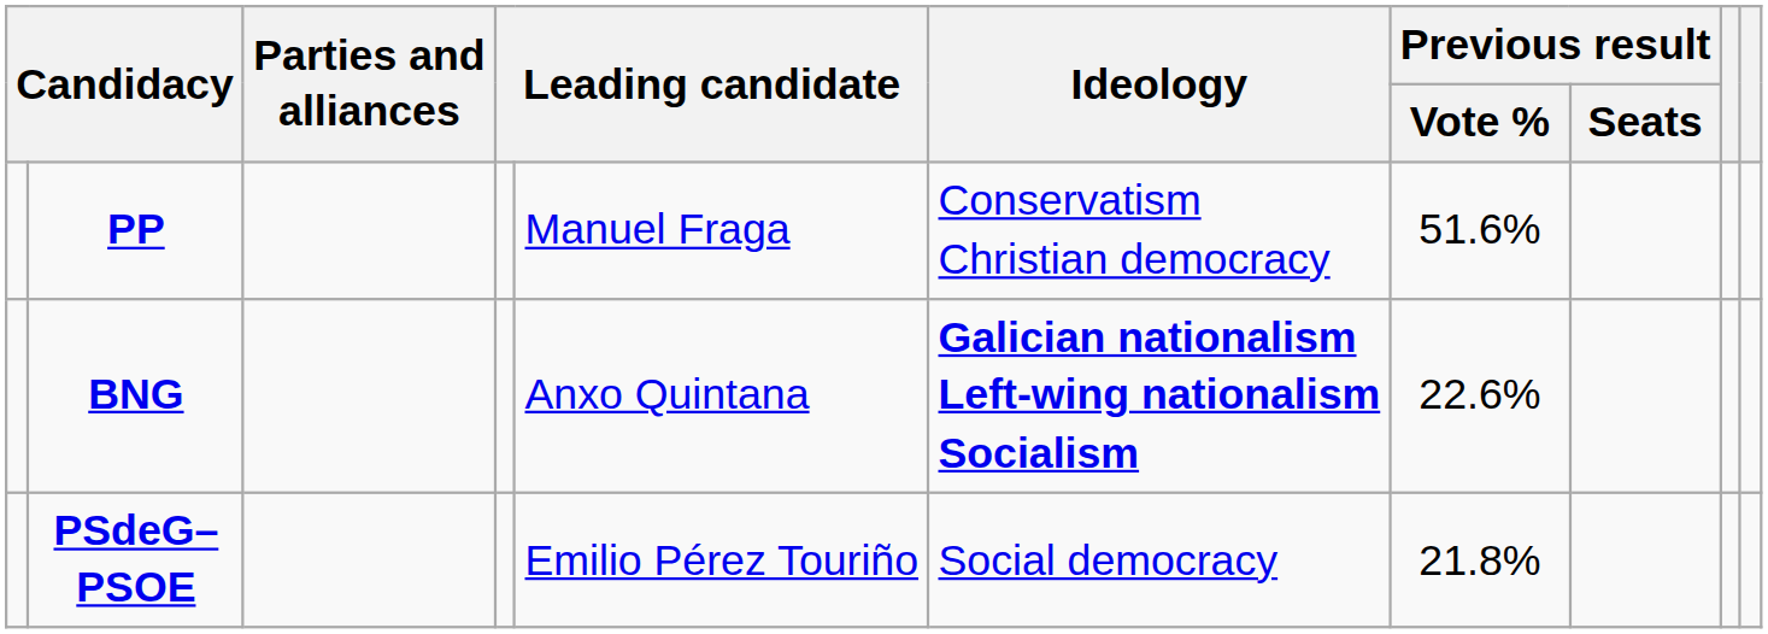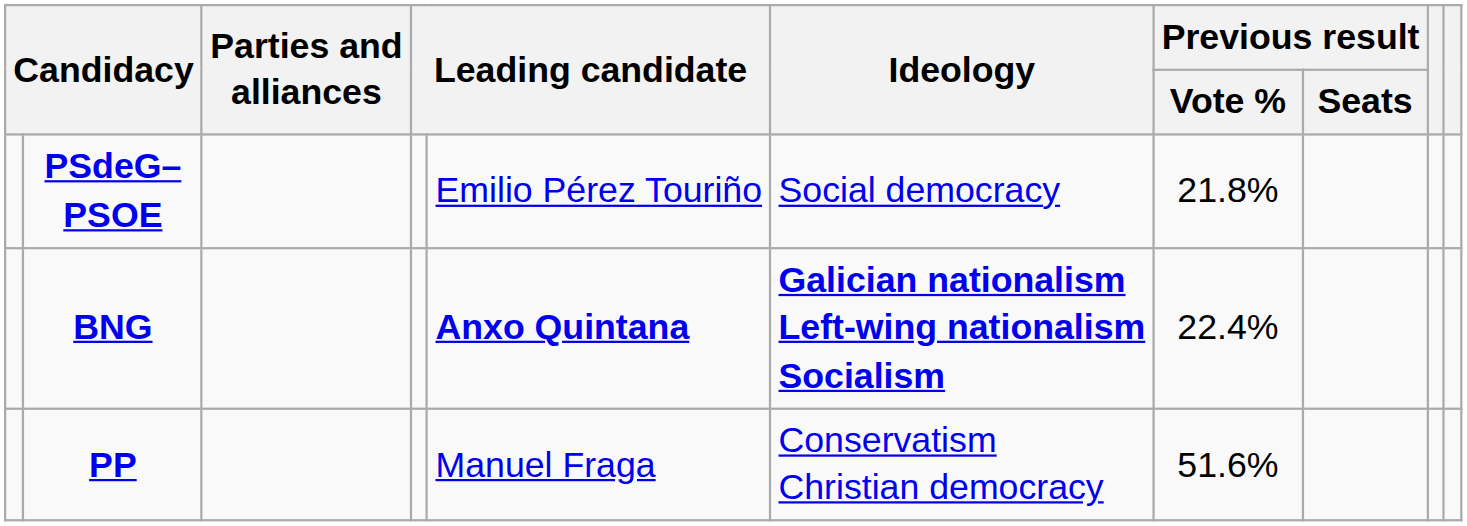 <table class="wikitable" style="line-height:1.35em; text-align:left;">
 <tr>
 <th colspan="2" rowspan="2">Candidacy</th>
 <th rowspan="2">Parties and<br>alliances</th>
 <th colspan="2" rowspan="2">Leading candidate</th>
 <th rowspan="2">Ideology</th>
 <th colspan="2">Previous result</th>
 <th rowspan="2"></th>
 <th rowspan="2"></th>
 </tr>
 <tr>
 <th>Vote %</th>
 <th>Seats</th>
 </tr>
 <tr>
+<td style="color:inherit;background:"></td>
+<td align="center"><strong><a href='#'>PSdeG–<br>PSOE</a></strong></td>
+<td></td>
+<td></td>
+<td><a href='#'>Emilio Pérez Touriño</a></td>
+<td><a href='#'>Social democracy</a></td>
+<td align="center">21.8%</td>
+<td></td>
+<td></td>
+<td></td>
+</tr>
+<tr>
+<td style="color:inherit;background:"></td>
+<td align="center"><strong><a href='#'>BNG</a></strong></td>
+<td></td>
+<td></td>
+<td><strong><a href='#'>Anxo Quintana</a></strong></td>
+<td><strong><a href='#'>Galician nationalism</a><br><a href='#'>Left-wing nationalism</a><br><a href='#'>Socialism</a></strong></td>
+<td align="center">22.4%</td>
+<td></td>
+<td></td>
+<td></td>
+</tr>
+<tr>
 <td width="1" style="color:inherit;background:"></td>
 <td align="center"><strong><a href='#'>PP</a></strong></td>
 <td></td>
 <td></td>
 <td><a href='#'>Manuel Fraga</a></td>
 <td><a href='#'>Conservatism</a><br><a href='#'>Christian democracy</a></td>
 <td align="center">51.6%</td>
 <td></td>
 <td></td>
 <td></td>
 </tr>
-<tr>
-<td style="color:inherit;background:"></td>
-<td align="center"><strong><a href='#'>BNG</a></strong></td>
-<td></td>
-<td></td>
-<td><a href='#'>Anxo Quintana</a></td>
-<td><strong><a href='#'>Galician nationalism</a><br><a href='#'>Left-wing nationalism</a><br><a href='#'>Socialism</a></strong></td>
-<td align="center">22.6%</td>
-<td></td>
-<td></td>
-<td></td>
-</tr>
-<tr>
-<td style="color:inherit;background:"></td>
-<td align="center"><strong><a href='#'>PSdeG–<br>PSOE</a></strong></td>
-<td></td>
-<td></td>
-<td><a href='#'>Emilio Pérez Touriño</a></td>
-<td><a href='#'>Social democracy</a></td>
-<td align="center">21.8%</td>
-<td></td>
-<td></td>
-<td></td>
-</tr>
 </table>
